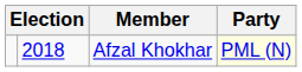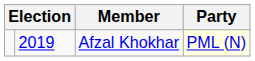 <table class="wikitable">
 <tr>
 <th colspan="2">Election</th>
 <th>Member</th>
 <th>Party</th>
 </tr>
 <tr>
 <td style="background-color: "></td>
-<td><a href='#'>2018</a></td>
+<td><a href='#'>2019</a></td>
 <td><a href='#'>Afzal Khokhar</a></td>
 <td style="background: lightyellow;"><a href='#'>PML (N)</a></td>
 </tr>
 </table>
